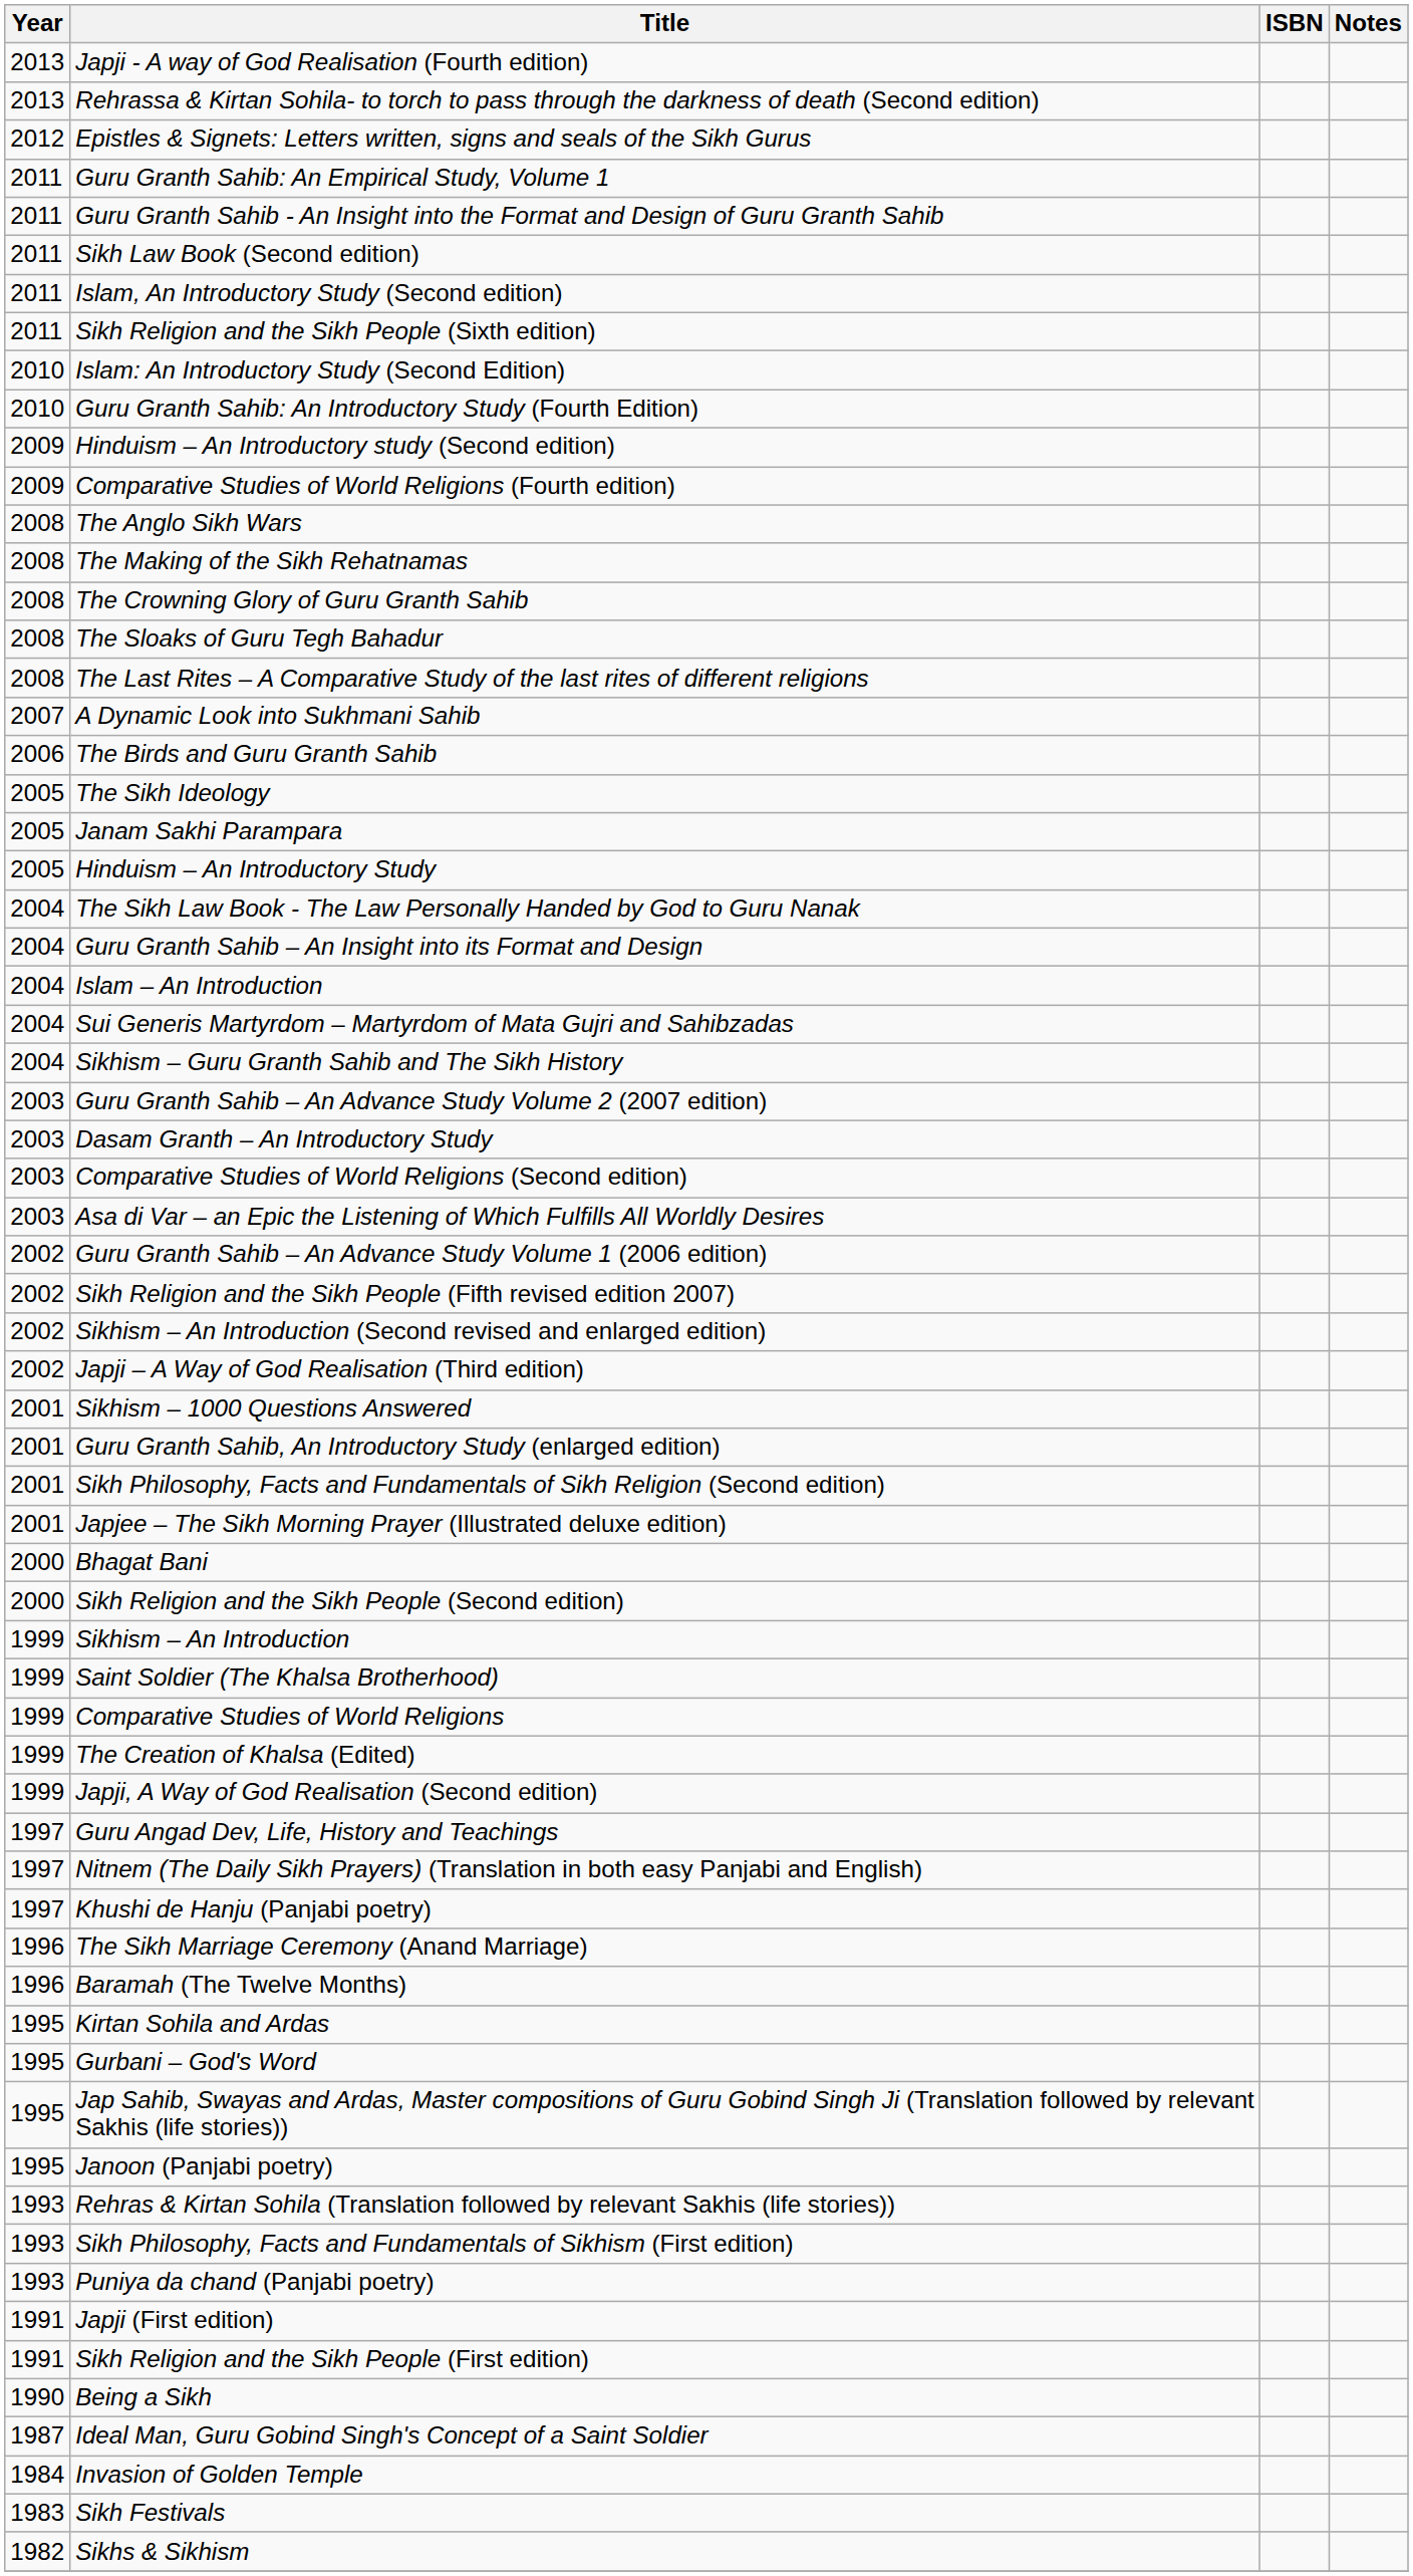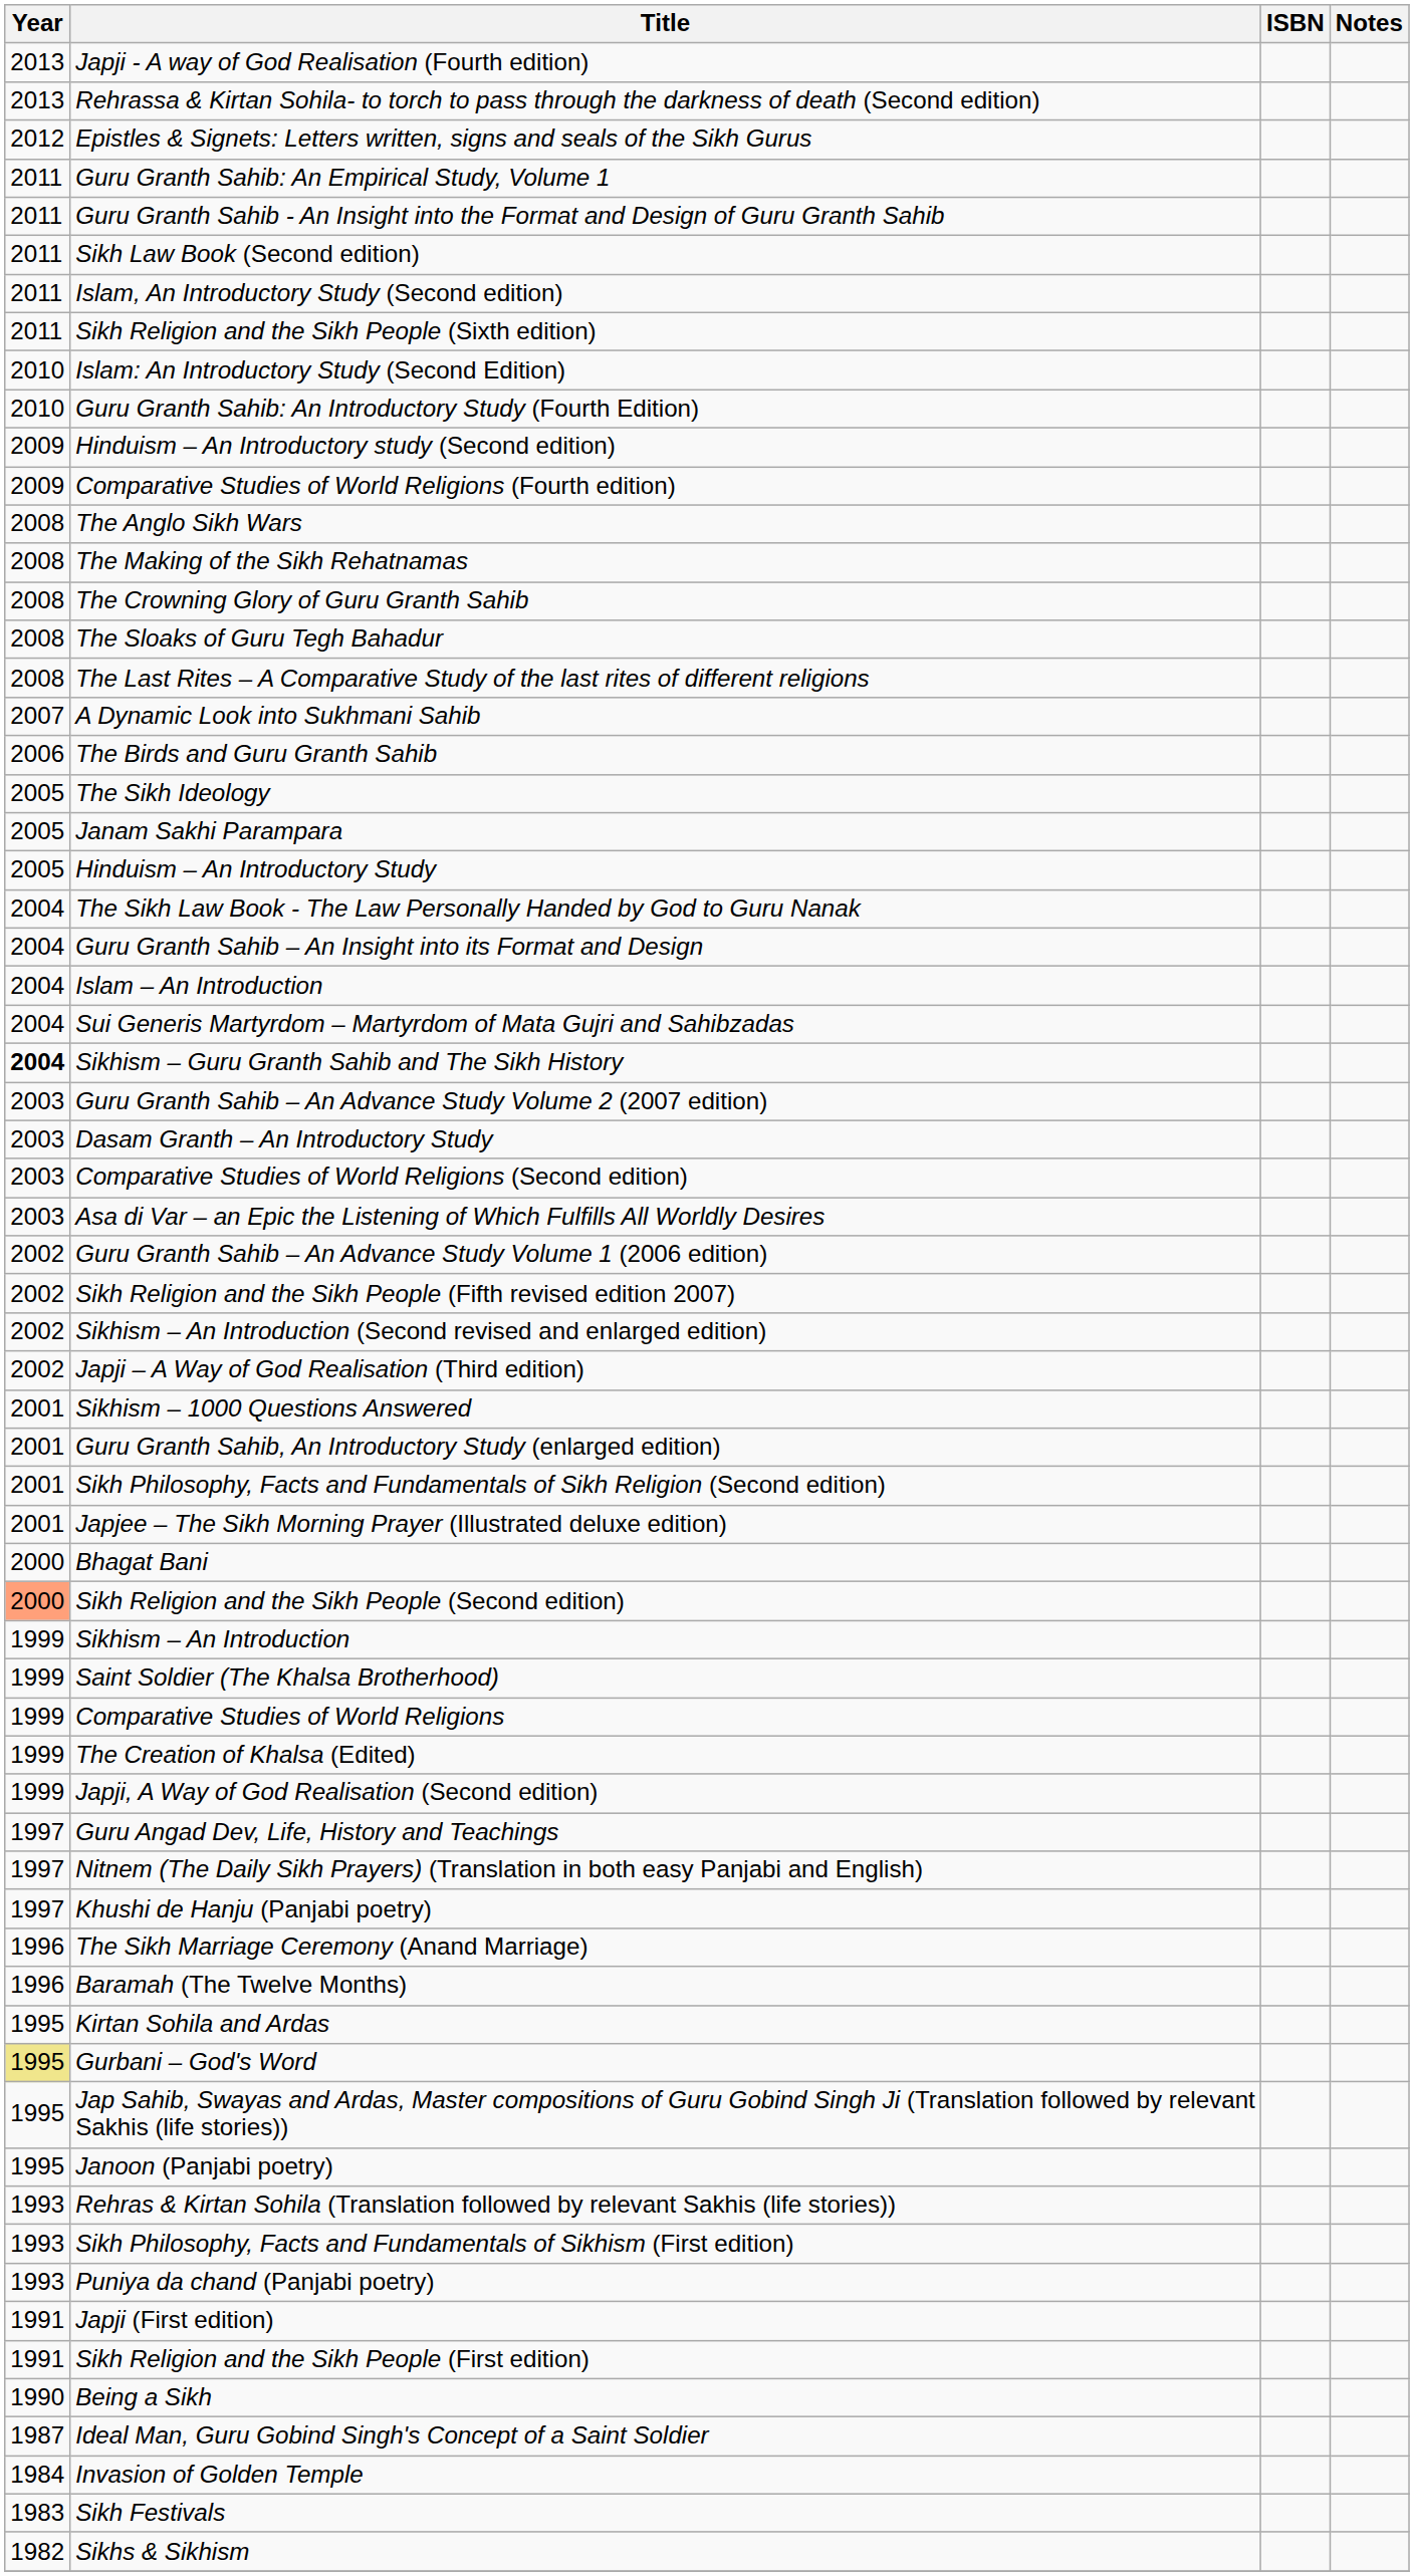 <table class="wikitable sortable plainrowheaders">
 <tr>
 <th>Year</th>
 <th>Title</th>
 <th class="unsortable">ISBN</th>
 <th class="unsortable">Notes</th>
 </tr>
 <tr>
 <td>2013</td>
 <td><em>Japji - A way of God Realisation</em> (Fourth edition)</td>
 <td></td>
 <td></td>
 </tr>
 <tr>
 <td>2013</td>
 <td><em>Rehrassa & Kirtan Sohila- to torch to pass through the darkness of death</em> (Second edition)</td>
 <td></td>
 <td></td>
 </tr>
 <tr>
 <td>2012</td>
 <td><em>Epistles & Signets: Letters written, signs and seals of the Sikh Gurus</em></td>
 <td></td>
 <td></td>
 </tr>
 <tr>
 <td>2011</td>
 <td><em>Guru Granth Sahib: An Empirical Study, Volume 1</em></td>
 <td></td>
 <td></td>
 </tr>
 <tr>
 <td>2011</td>
 <td><em>Guru Granth Sahib - An Insight into the Format and Design of Guru Granth Sahib</em></td>
 <td></td>
 <td></td>
 </tr>
 <tr>
 <td>2011</td>
 <td><em>Sikh Law Book</em> (Second edition)</td>
 <td></td>
 <td></td>
 </tr>
 <tr>
 <td>2011</td>
 <td><em>Islam, An Introductory Study</em> (Second edition)</td>
 <td></td>
 <td></td>
 </tr>
 <tr>
 <td>2011</td>
 <td><em>Sikh Religion and the Sikh People</em> (Sixth edition)</td>
 <td></td>
 <td></td>
 </tr>
 <tr>
 <td>2010</td>
 <td><em>Islam: An Introductory Study</em> (Second Edition)</td>
 <td></td>
 <td></td>
 </tr>
 <tr>
 <td>2010</td>
 <td><em>Guru Granth Sahib: An Introductory Study</em> (Fourth Edition)</td>
 <td></td>
 <td></td>
 </tr>
 <tr>
 <td>2009</td>
 <td><em>Hinduism – An Introductory study</em> (Second edition)</td>
 <td></td>
 <td></td>
 </tr>
 <tr>
 <td>2009</td>
 <td><em>Comparative Studies of World Religions</em> (Fourth edition)</td>
 <td></td>
 <td></td>
 </tr>
 <tr>
 <td>2008</td>
 <td><em>The Anglo Sikh Wars</em></td>
 <td></td>
 <td></td>
 </tr>
 <tr>
 <td>2008</td>
 <td><em>The Making of the Sikh Rehatnamas</em></td>
 <td></td>
 <td></td>
 </tr>
 <tr>
 <td>2008</td>
 <td><em>The Crowning Glory of Guru Granth Sahib</em></td>
 <td></td>
 <td></td>
 </tr>
 <tr>
 <td>2008</td>
 <td><em>The Sloaks of Guru Tegh Bahadur</em></td>
 <td></td>
 <td></td>
 </tr>
 <tr>
 <td>2008</td>
 <td><em>The Last Rites – A Comparative Study of the last rites of different religions</em></td>
 <td></td>
 <td></td>
 </tr>
 <tr>
 <td>2007</td>
 <td><em>A Dynamic Look into Sukhmani Sahib</em></td>
 <td></td>
 <td></td>
 </tr>
 <tr>
 <td>2006</td>
 <td><em>The Birds and Guru Granth Sahib</em></td>
 <td></td>
 <td></td>
 </tr>
 <tr>
 <td>2005</td>
 <td><em>The Sikh Ideology</em></td>
 <td></td>
 <td></td>
 </tr>
 <tr>
 <td>2005</td>
 <td><em>Janam Sakhi Parampara</em></td>
 <td></td>
 <td></td>
 </tr>
 <tr>
 <td>2005</td>
 <td><em>Hinduism – An Introductory Study</em></td>
 <td></td>
 <td></td>
 </tr>
 <tr>
 <td>2004</td>
 <td><em>The Sikh Law Book  - The Law Personally Handed by God to Guru Nanak</em></td>
 <td></td>
 <td></td>
 </tr>
 <tr>
 <td>2004</td>
 <td><em>Guru Granth Sahib – An Insight into its Format and Design</em></td>
 <td></td>
 <td></td>
 </tr>
 <tr>
 <td>2004</td>
 <td><em>Islam – An Introduction</em></td>
 <td></td>
 <td></td>
 </tr>
 <tr>
 <td>2004</td>
 <td><em>Sui Generis Martyrdom – Martyrdom of Mata Gujri and Sahibzadas</em></td>
 <td></td>
 <td></td>
 </tr>
 <tr>
-<td>2004</td>
+<td><strong>2004</strong></td>
 <td><em>Sikhism – Guru Granth Sahib and The Sikh History</em></td>
 <td></td>
 <td></td>
 </tr>
 <tr>
 <td>2003</td>
 <td><em>Guru Granth Sahib – An Advance Study Volume 2</em> (2007 edition)</td>
 <td></td>
 <td></td>
 </tr>
 <tr>
 <td>2003</td>
 <td><em>Dasam Granth – An Introductory Study</em></td>
 <td></td>
 <td></td>
 </tr>
 <tr>
 <td>2003</td>
 <td><em>Comparative Studies of World Religions</em> (Second edition)</td>
 <td></td>
 <td></td>
 </tr>
 <tr>
 <td>2003</td>
 <td><em>Asa di Var – an Epic the Listening of Which Fulfills All Worldly Desires</em></td>
 <td></td>
 <td></td>
 </tr>
 <tr>
 <td>2002</td>
 <td><em>Guru Granth Sahib – An Advance Study Volume 1</em> (2006 edition)</td>
 <td></td>
 <td></td>
 </tr>
 <tr>
 <td>2002</td>
 <td><em>Sikh Religion and the Sikh People</em> (Fifth revised edition 2007)</td>
 <td></td>
 <td></td>
 </tr>
 <tr>
 <td>2002</td>
 <td><em>Sikhism – An Introduction</em> (Second revised and enlarged edition)</td>
 <td></td>
 <td></td>
 </tr>
 <tr>
 <td>2002</td>
 <td><em>Japji – A Way of God Realisation</em> (Third edition)</td>
 <td></td>
 <td></td>
 </tr>
 <tr>
 <td>2001</td>
 <td><em>Sikhism – 1000 Questions Answered</em></td>
 <td></td>
 <td></td>
 </tr>
 <tr>
 <td>2001</td>
 <td><em>Guru Granth Sahib, An Introductory Study</em>  (enlarged edition)</td>
 <td></td>
 <td></td>
 </tr>
 <tr>
 <td>2001</td>
 <td><em>Sikh Philosophy, Facts and Fundamentals of Sikh Religion</em> (Second edition)</td>
 <td></td>
 <td></td>
 </tr>
 <tr>
 <td>2001</td>
 <td><em>Japjee – The Sikh Morning Prayer</em> (Illustrated deluxe edition)</td>
 <td></td>
 <td></td>
 </tr>
 <tr>
 <td>2000</td>
 <td><em>Bhagat Bani</em></td>
 <td></td>
 <td></td>
 </tr>
 <tr>
-<td>2000</td>
+<td style="background: lightsalmon;">2000</td>
 <td><em>Sikh Religion and the Sikh People</em> (Second edition)</td>
 <td></td>
 <td></td>
 </tr>
 <tr>
 <td>1999</td>
 <td><em>Sikhism – An Introduction</em></td>
 <td></td>
 <td></td>
 </tr>
 <tr>
 <td>1999</td>
 <td><em>Saint Soldier (The Khalsa Brotherhood)</em></td>
 <td></td>
 <td></td>
 </tr>
 <tr>
 <td>1999</td>
 <td><em>Comparative Studies of World Religions</em></td>
 <td></td>
 <td></td>
 </tr>
 <tr>
 <td>1999</td>
 <td><em>The Creation of Khalsa</em> (Edited)</td>
 <td></td>
 <td></td>
 </tr>
 <tr>
 <td>1999</td>
 <td><em>Japji, A Way of God Realisation</em>  (Second edition)</td>
 <td></td>
 <td></td>
 </tr>
 <tr>
 <td>1997</td>
 <td><em>Guru Angad Dev, Life, History and Teachings</em></td>
 <td></td>
 <td></td>
 </tr>
 <tr>
 <td>1997</td>
 <td><em>Nitnem (The Daily Sikh Prayers)</em> (Translation in both easy Panjabi and English)</td>
 <td></td>
 <td></td>
 </tr>
 <tr>
 <td>1997</td>
 <td><em>Khushi de Hanju</em> (Panjabi poetry)</td>
 <td></td>
 <td></td>
 </tr>
 <tr>
 <td>1996</td>
 <td><em>The Sikh Marriage Ceremony</em> (Anand Marriage)</td>
 <td></td>
 <td></td>
 </tr>
 <tr>
 <td>1996</td>
 <td><em>Baramah</em> (The Twelve Months)</td>
 <td></td>
 <td></td>
 </tr>
 <tr>
 <td>1995</td>
 <td><em>Kirtan Sohila and Ardas</em></td>
 <td></td>
 <td></td>
 </tr>
 <tr>
-<td>1995</td>
+<td style="background: khaki;">1995</td>
 <td><em>Gurbani – God's Word</em></td>
 <td></td>
 <td></td>
 </tr>
 <tr>
 <td>1995</td>
 <td><em>Jap Sahib, Swayas and Ardas, Master compositions of Guru Gobind Singh Ji</em> (Translation followed by relevant<br>Sakhis (life stories))</td>
 <td></td>
 <td></td>
 </tr>
 <tr>
 <td>1995</td>
 <td><em>Janoon</em> (Panjabi poetry)</td>
 <td></td>
 <td></td>
 </tr>
 <tr>
 <td>1993</td>
 <td><em>Rehras & Kirtan Sohila</em> (Translation followed by relevant Sakhis (life stories))</td>
 <td></td>
 <td></td>
 </tr>
 <tr>
 <td>1993</td>
 <td><em>Sikh Philosophy, Facts and Fundamentals of Sikhism</em> (First edition)</td>
 <td></td>
 <td></td>
 </tr>
 <tr>
 <td>1993</td>
 <td><em>Puniya da chand</em> (Panjabi poetry)</td>
 <td></td>
 <td></td>
 </tr>
 <tr>
 <td>1991</td>
 <td><em>Japji</em> (First edition)</td>
 <td></td>
 <td></td>
 </tr>
 <tr>
 <td>1991</td>
 <td><em>Sikh Religion and the Sikh People</em> (First edition)</td>
 <td></td>
 <td></td>
 </tr>
 <tr>
 <td>1990</td>
 <td><em>Being a Sikh</em></td>
 <td></td>
 <td></td>
 </tr>
 <tr>
 <td>1987</td>
 <td><em>Ideal Man, Guru Gobind Singh's Concept of a Saint Soldier</em></td>
 <td></td>
 <td></td>
 </tr>
 <tr>
 <td>1984</td>
 <td><em>Invasion of Golden Temple</em></td>
 <td></td>
 <td></td>
 </tr>
 <tr>
 <td>1983</td>
 <td><em>Sikh Festivals</em></td>
 <td></td>
 <td></td>
 </tr>
 <tr>
 <td>1982</td>
 <td><em>Sikhs & Sikhism</em></td>
 <td></td>
 <td></td>
 </tr>
 <tr>
 </tr>
 </table>
